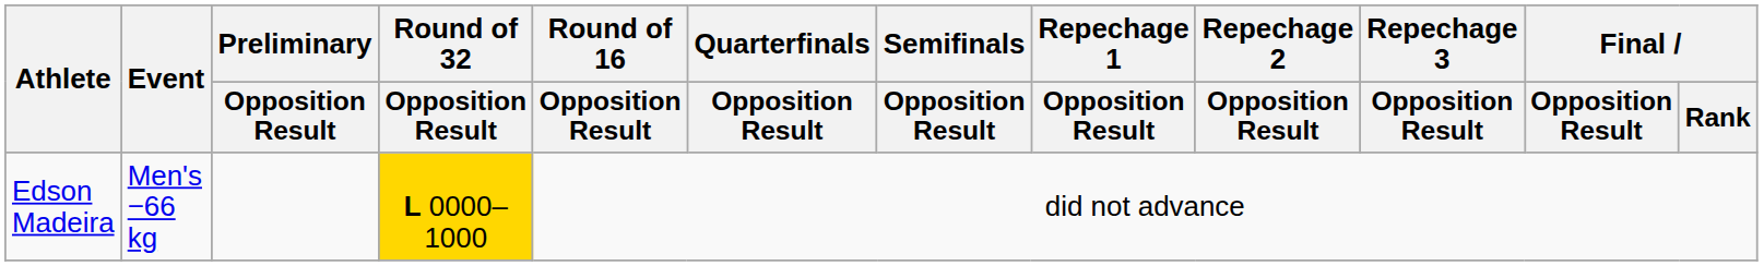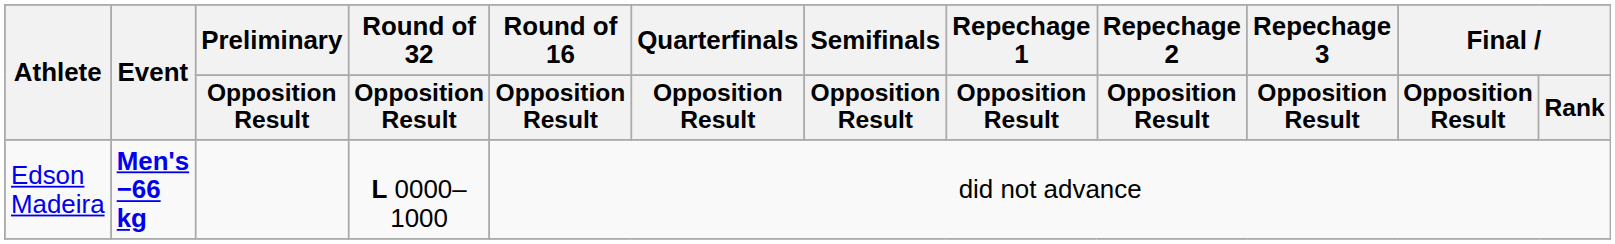 <table class="wikitable" style="font-size:90%">
 <tr>
 <th rowspan="2">Athlete</th>
 <th rowspan="2">Event</th>
 <th>Preliminary</th>
 <th>Round of 32</th>
 <th>Round of 16</th>
 <th>Quarterfinals</th>
 <th>Semifinals</th>
 <th>Repechage 1</th>
 <th>Repechage 2</th>
 <th>Repechage 3</th>
 <th colspan=2>Final / </th>
 </tr>
 <tr style="font-size:95%">
 <th>Opposition<br>Result</th>
 <th>Opposition<br>Result</th>
 <th>Opposition<br>Result</th>
 <th>Opposition<br>Result</th>
 <th>Opposition<br>Result</th>
 <th>Opposition<br>Result</th>
 <th>Opposition<br>Result</th>
 <th>Opposition<br>Result</th>
 <th>Opposition<br>Result</th>
 <th>Rank</th>
 </tr>
 <tr align=center>
 <td align=left><a href='#'>Edson Madeira</a></td>
-<td align=left><a href='#'>Men's −66 kg</a></td>
+<td align=left><strong><a href='#'>Men's −66 kg</a></strong></td>
 <td></td>
-<td style="background: gold;"><br><strong>L</strong> 0000–1000</td>
+<td><br><strong>L</strong> 0000–1000</td>
 <td colspan=8>did not advance</td>
 </tr>
 </table>
